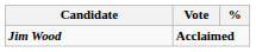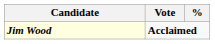 <table class="wikitable">
 <tr>
 <th bgcolor="#DDDDFF" width="200px">Candidate</th>
 <th bgcolor="#DDDDFF" width="50px">Vote</th>
 <th bgcolor="#DDDDFF" width="30px">%</th>
 </tr>
 <tr>
-<td><strong><em>Jim Wood</em></strong></td>
+<td style="background: lightyellow;"><strong><em>Jim Wood</em></strong></td>
 <td colspan="2"><strong>Acclaimed</strong></td>
 </tr>
 </table>
